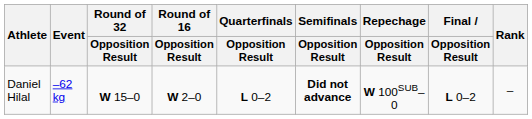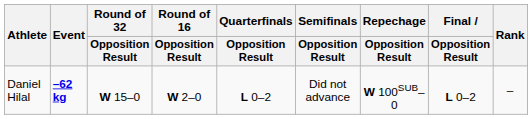 <table class=wikitable style=font-size:90%;text-align:center>
 <tr>
 <th rowspan="2">Athlete</th>
 <th rowspan="2">Event</th>
 <th>Round of 32</th>
 <th>Round of 16</th>
 <th>Quarterfinals</th>
 <th>Semifinals</th>
 <th>Repechage</th>
 <th>Final / </th>
 <th rowspan=2>Rank</th>
 </tr>
 <tr style="font-size:95%">
 <th>Opposition<br>Result</th>
 <th>Opposition<br>Result</th>
 <th>Opposition<br>Result</th>
 <th>Opposition<br>Result</th>
 <th>Opposition<br>Result</th>
 <th>Opposition<br>Result</th>
 </tr>
 <tr>
 <td align=left>Daniel Hilal</td>
-<td align=left><a href='#'>–62 kg</a></td>
+<td align=left><strong><a href='#'>–62 kg</a></strong></td>
 <td><br><strong>W</strong> 15–0</td>
 <td><br><strong>W</strong> 2–0</td>
 <td><br><strong>L</strong> 0–2</td>
-<td><strong>Did not advance</strong></td>
+<td>Did not advance</td>
 <td><br><strong>W</strong> 100<sup>SUB</sup>–0</td>
 <td><br><strong>L</strong> 0–2</td>
 <td>–</td>
 </tr>
 </table>
